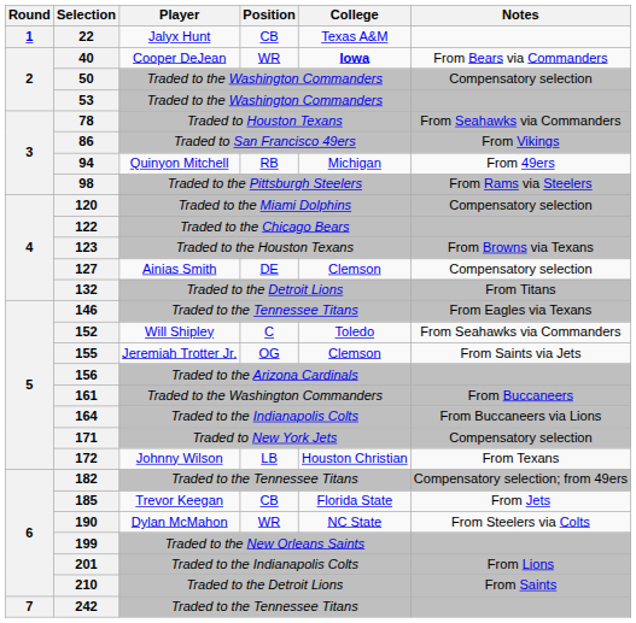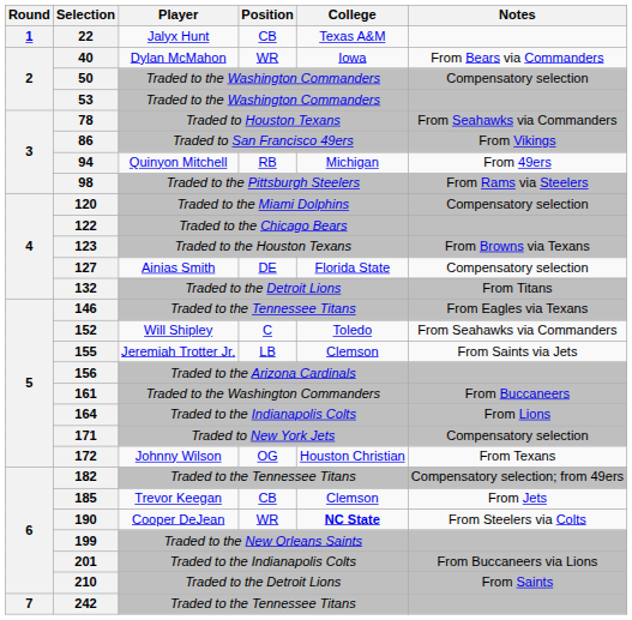 <table class="wikitable" style="text-align:center">
 <tr>
 <th>Round</th>
 <th>Selection</th>
 <th>Player</th>
 <th>Position</th>
 <th>College</th>
 <th>Notes</th>
 </tr>
 <tr>
 <th><a href='#'>1</a></th>
 <th>22</th>
 <td><a href='#'>Jalyx Hunt</a></td>
 <td><a href='#'>CB</a></td>
 <td><a href='#'>Texas A&M</a></td>
 <td></td>
 </tr>
 <tr>
 <th rowspan="3">2</th>
 <th>40</th>
-<td><a href='#'>Cooper DeJean</a></td>
+<td><a href='#'>Dylan McMahon</a></td>
 <td><a href='#'>WR</a></td>
-<td><strong><a href='#'>Iowa</a></strong></td>
+<td><a href='#'>Iowa</a></td>
 <td>From <a href='#'>Bears</a> via <a href='#'>Commanders</a></td>
 </tr>
 <tr>
 <th>50</th>
 <td colspan="3" style="background:#BFBFBF"><em>Traded to the <a href='#'>Washington Commanders</a></em></td>
 <td style="background:#BFBFBF">Compensatory selection</td>
 </tr>
 <tr>
 <th>53</th>
 <td colspan="3" style="background:#BFBFBF"><em>Traded to the <a href='#'>Washington Commanders</a></em></td>
 <td style="background:#BFBFBF"></td>
 </tr>
 <tr>
 <th rowspan="4">3</th>
 <th>78</th>
 <td colspan="3" style="background:#BFBFBF"><em>Traded to <a href='#'>Houston Texans</a></em></td>
 <td style="background:#BFBFBF">From <a href='#'>Seahawks</a> via Commanders</td>
 </tr>
 <tr>
 <th>86</th>
 <td colspan="3" style="background:#BFBFBF"><em>Traded to <a href='#'>San Francisco 49ers</a></em></td>
 <td style="background:#BFBFBF">From <a href='#'>Vikings</a></td>
 </tr>
 <tr>
 <th>94</th>
 <td><a href='#'>Quinyon Mitchell</a></td>
 <td><a href='#'>RB</a></td>
 <td><a href='#'>Michigan</a></td>
 <td>From <a href='#'>49ers</a></td>
 </tr>
 <tr>
 <th>98</th>
 <td colspan="3" style="background:#BFBFBF"><em>Traded to the <a href='#'>Pittsburgh Steelers</a></em></td>
 <td style="background:#BFBFBF">From <a href='#'>Rams</a> via <a href='#'>Steelers</a></td>
 </tr>
 <tr>
 <th rowspan="5">4</th>
 <th>120</th>
 <td colspan="3" style="background:#BFBFBF"><em>Traded to the <a href='#'>Miami Dolphins</a></em></td>
 <td style="background:#BFBFBF">Compensatory selection</td>
 </tr>
 <tr>
 <th>122</th>
 <td colspan="3" style="background:#BFBFBF"><em>Traded to the <a href='#'>Chicago Bears</a></em></td>
 <td style="background:#BFBFBF"></td>
 </tr>
 <tr>
 <th>123</th>
 <td colspan="3" style="background:#BFBFBF"><em>Traded to the Houston Texans</em></td>
 <td style="background:#BFBFBF">From <a href='#'>Browns</a> via Texans</td>
 </tr>
 <tr>
 <th>127</th>
 <td><a href='#'>Ainias Smith</a></td>
 <td><a href='#'>DE</a></td>
-<td><a href='#'>Clemson</a></td>
+<td><a href='#'>Florida State</a></td>
 <td>Compensatory selection</td>
 </tr>
 <tr>
 <th>132</th>
 <td colspan="3" style="background:#BFBFBF"><em>Traded to the <a href='#'>Detroit Lions</a></em></td>
 <td style="background:#BFBFBF">From Titans</td>
 </tr>
 <tr>
 <th rowspan="8">5</th>
 <th>146</th>
 <td colspan="3" style="background:#BFBFBF"><em>Traded to the <a href='#'>Tennessee Titans</a></em></td>
 <td style="background:#BFBFBF">From Eagles via Texans</td>
 </tr>
 <tr>
 <th>152</th>
 <td><a href='#'>Will Shipley</a></td>
 <td><a href='#'>C</a></td>
 <td><a href='#'>Toledo</a></td>
 <td>From Seahawks via Commanders</td>
 </tr>
 <tr>
 <th>155</th>
 <td><a href='#'>Jeremiah Trotter Jr.</a></td>
-<td><a href='#'>OG</a></td>
+<td><a href='#'>LB</a></td>
 <td><a href='#'>Clemson</a></td>
 <td>From Saints via Jets</td>
 </tr>
 <tr>
 <th>156</th>
 <td colspan="3" style="background:#BFBFBF"><em>Traded to the <a href='#'>Arizona Cardinals</a></em></td>
 <td style="background:#BFBFBF"></td>
 </tr>
 <tr>
 <th>161</th>
 <td colspan="3" style="background:#BFBFBF"><em>Traded to the Washington Commanders</em></td>
 <td style="background:#BFBFBF">From <a href='#'>Buccaneers</a></td>
 </tr>
 <tr>
 <th>164</th>
 <td colspan="3" style="background:#BFBFBF"><em>Traded to the <a href='#'>Indianapolis Colts</a></em></td>
-<td style="background:#BFBFBF">From Buccaneers via Lions</td>
+<td style="background:#BFBFBF">From <a href='#'>Lions</a></td>
 </tr>
 <tr>
 <th>171</th>
 <td colspan="3" style="background:#BFBFBF"><em>Traded to <a href='#'>New York Jets</a></em></td>
 <td style="background:#BFBFBF">Compensatory selection</td>
 </tr>
 <tr>
 <th>172</th>
 <td><a href='#'>Johnny Wilson</a></td>
-<td><a href='#'>LB</a></td>
+<td><a href='#'>OG</a></td>
 <td><a href='#'>Houston Christian</a></td>
 <td>From Texans</td>
 </tr>
 <tr>
 <th rowspan="6">6</th>
 <th>182</th>
 <td colspan="3" style="background:#BFBFBF"><em>Traded to the Tennessee Titans</em></td>
 <td style="background:#BFBFBF">Compensatory selection; from 49ers</td>
 </tr>
 <tr>
 <th>185</th>
 <td><a href='#'>Trevor Keegan</a></td>
 <td><a href='#'>CB</a></td>
-<td><a href='#'>Florida State</a></td>
+<td><a href='#'>Clemson</a></td>
 <td>From <a href='#'>Jets</a></td>
 </tr>
 <tr>
 <th>190</th>
-<td><a href='#'>Dylan McMahon</a></td>
+<td><a href='#'>Cooper DeJean</a></td>
 <td><a href='#'>WR</a></td>
-<td><a href='#'>NC State</a></td>
+<td><strong><a href='#'>NC State</a></strong></td>
 <td>From Steelers via <a href='#'>Colts</a></td>
 </tr>
 <tr>
 <th>199</th>
 <td colspan="3" style="background:#BFBFBF"><em>Traded to the <a href='#'>New Orleans Saints</a></em></td>
 <td style="background:#BFBFBF"></td>
 </tr>
 <tr>
 <th>201</th>
 <td colspan="3" style="background:#BFBFBF"><em>Traded to the Indianapolis Colts</em></td>
-<td style="background:#BFBFBF">From <a href='#'>Lions</a></td>
+<td style="background:#BFBFBF">From Buccaneers via Lions</td>
 </tr>
 <tr>
 <th>210</th>
 <td colspan="3" style="background:#BFBFBF"><em>Traded to the Detroit Lions</em></td>
 <td style="background:#BFBFBF">From <a href='#'>Saints</a></td>
 </tr>
 <tr>
 <th>7</th>
 <th>242</th>
 <td colspan="3" style="background:#BFBFBF"><em>Traded to the Tennessee Titans</em></td>
 <td style="background:#BFBFBF"></td>
 </tr>
 </table>
